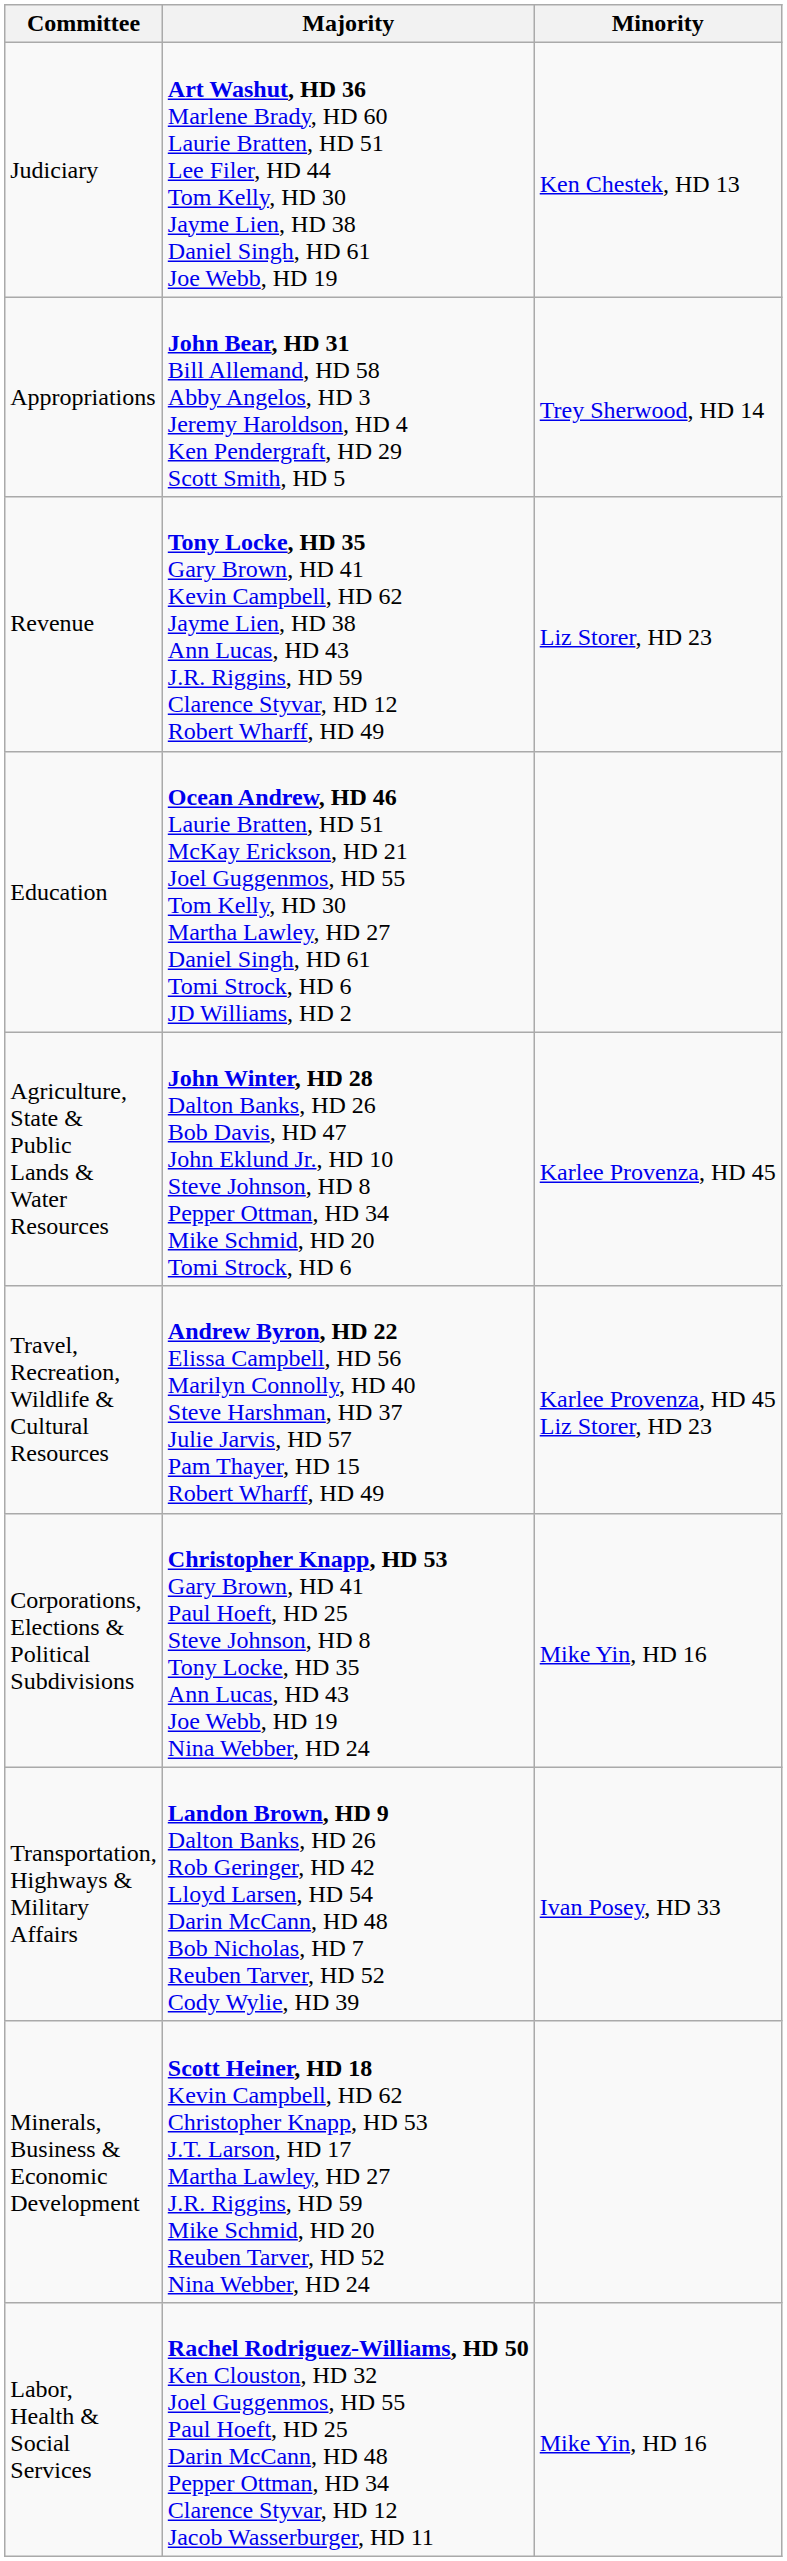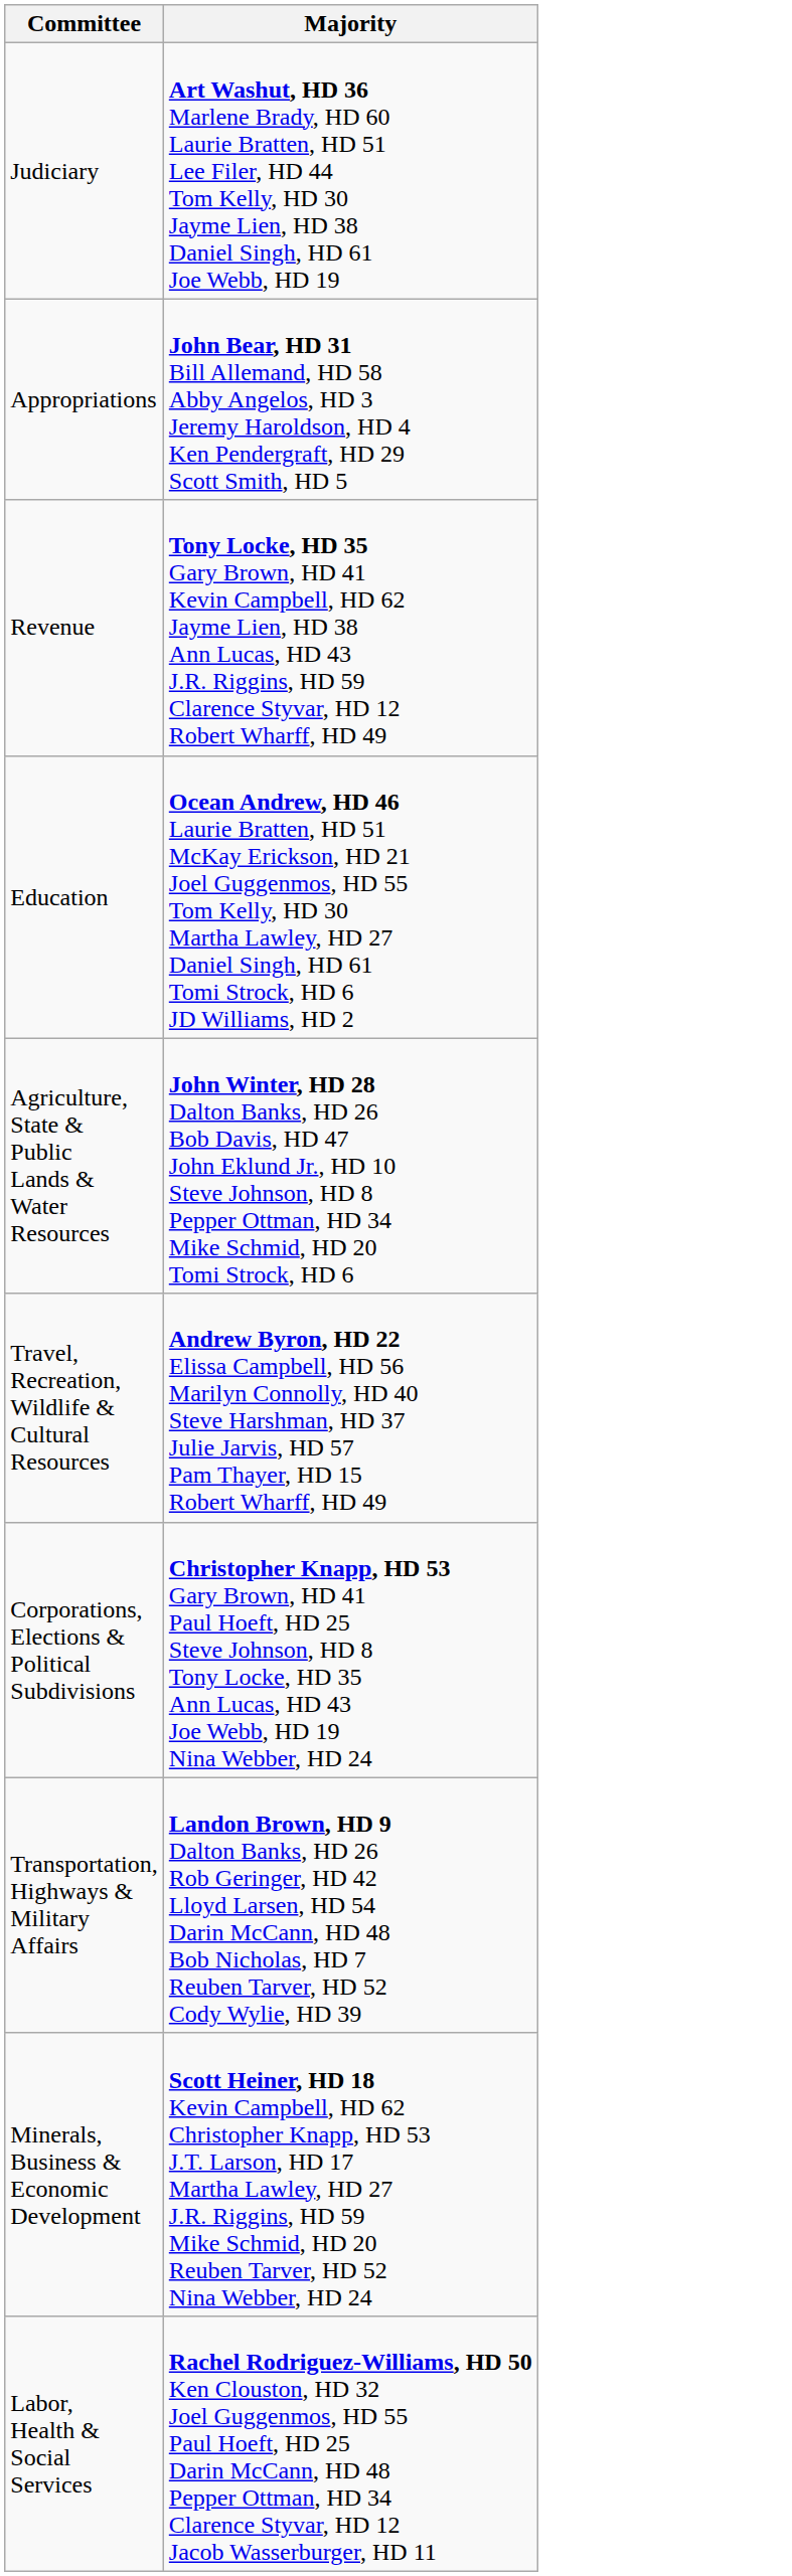 <table class="wikitable mw-collapsible mw-collapsed">
 <tr>
 <th>Committee</th>
 <th>Majority</th>
-<th>Minority</th>
 </tr>
 <tr>
 <td>Judiciary</td>
 <td><br><strong><a href='#'>Art Washut</a>, HD 36</strong><br> <a href='#'>Marlene Brady</a>, HD 60 <br> <a href='#'>Laurie Bratten</a>, HD 51<br> <a href='#'>Lee Filer</a>, HD 44<br> <a href='#'>Tom Kelly</a>, HD 30<br> <a href='#'>Jayme Lien</a>, HD 38<br> <a href='#'>Daniel Singh</a>, HD 61<br> <a href='#'>Joe Webb</a>, HD 19</td>
-<td><br><a href='#'>Ken Chestek</a>, HD 13</td>
 </tr>
 <tr>
 <td>Appropriations</td>
 <td><br><strong><a href='#'>John Bear</a>, HD 31</strong><br> <a href='#'>Bill Allemand</a>, HD 58<br> <a href='#'>Abby Angelos</a>, HD 3<br> <a href='#'>Jeremy Haroldson</a>, HD 4<br> <a href='#'>Ken Pendergraft</a>, HD 29<br> <a href='#'>Scott Smith</a>, HD 5</td>
-<td><br><a href='#'>Trey Sherwood</a>, HD 14</td>
 </tr>
 <tr>
 <td>Revenue</td>
 <td><br><strong><a href='#'>Tony Locke</a>, HD 35</strong><br> <a href='#'>Gary Brown</a>, HD 41<br> <a href='#'>Kevin Campbell</a>, HD 62<br> <a href='#'>Jayme Lien</a>, HD 38<br> <a href='#'>Ann Lucas</a>, HD 43<br> <a href='#'>J.R. Riggins</a>, HD 59<br> <a href='#'>Clarence Styvar</a>, HD 12<br> <a href='#'>Robert Wharff</a>, HD 49</td>
-<td><br><a href='#'>Liz Storer</a>, HD 23</td>
 </tr>
 <tr>
 <td>Education</td>
 <td><br><strong><a href='#'>Ocean Andrew</a>, HD 46</strong><br> <a href='#'>Laurie Bratten</a>, HD 51<br> <a href='#'>McKay Erickson</a>, HD 21<br> <a href='#'>Joel Guggenmos</a>, HD 55<br> <a href='#'>Tom Kelly</a>, HD 30<br> <a href='#'>Martha Lawley</a>, HD 27<br> <a href='#'>Daniel Singh</a>, HD 61<br> <a href='#'>Tomi Strock</a>, HD 6<br> <a href='#'>JD Williams</a>, HD 2</td>
-<td></td>
 </tr>
 <tr>
 <td>Agriculture,<br>State &<br>Public<br>Lands &<br>Water<br>Resources</td>
 <td><br><strong><a href='#'>John Winter</a>, HD 28</strong><br> <a href='#'>Dalton Banks</a>, HD 26<br> <a href='#'>Bob Davis</a>, HD 47<br> <a href='#'>John Eklund Jr.</a>, HD 10<br> <a href='#'>Steve Johnson</a>, HD 8<br> <a href='#'>Pepper Ottman</a>, HD 34<br> <a href='#'>Mike Schmid</a>, HD 20<br> <a href='#'>Tomi Strock</a>, HD 6<br></td>
-<td><br><a href='#'>Karlee Provenza</a>, HD 45</td>
 </tr>
 <tr>
 <td>Travel,<br>Recreation,<br>Wildlife &<br>Cultural<br>Resources</td>
 <td><br><strong><a href='#'>Andrew Byron</a>, HD 22</strong><br> <a href='#'>Elissa Campbell</a>, HD 56<br> <a href='#'>Marilyn Connolly</a>, HD 40<br> <a href='#'>Steve Harshman</a>, HD 37<br> <a href='#'>Julie Jarvis</a>, HD 57<br> <a href='#'>Pam Thayer</a>, HD 15<br> <a href='#'>Robert Wharff</a>, HD 49</td>
-<td><br><a href='#'>Karlee Provenza</a>, HD 45<br> <a href='#'>Liz Storer</a>, HD 23</td>
 </tr>
 <tr>
 <td>Corporations,<br>Elections &<br>Political<br>Subdivisions</td>
 <td><br><strong><a href='#'>Christopher Knapp</a>, HD 53</strong><br> <a href='#'>Gary Brown</a>, HD 41<br> <a href='#'>Paul Hoeft</a>, HD 25<br> <a href='#'>Steve Johnson</a>, HD 8<br> <a href='#'>Tony Locke</a>, HD 35<br> <a href='#'>Ann Lucas</a>, HD 43<br> <a href='#'>Joe Webb</a>, HD 19<br> <a href='#'>Nina Webber</a>, HD 24</td>
-<td><br><a href='#'>Mike Yin</a>, HD 16</td>
 </tr>
 <tr>
 <td>Transportation,<br>Highways &<br>Military<br>Affairs</td>
 <td><br><strong><a href='#'>Landon Brown</a>, HD 9</strong><br> <a href='#'>Dalton Banks</a>, HD 26<br> <a href='#'>Rob Geringer</a>, HD 42<br> <a href='#'>Lloyd Larsen</a>, HD 54<br> <a href='#'>Darin McCann</a>, HD 48<br>  <a href='#'>Bob Nicholas</a>, HD 7<br>  <a href='#'>Reuben Tarver</a>, HD 52<br> <a href='#'>Cody Wylie</a>, HD 39</td>
-<td><br><a href='#'>Ivan Posey</a>, HD 33<br></td>
 </tr>
 <tr>
 <td>Minerals,<br>Business &<br>Economic<br>Development</td>
 <td><br><strong><a href='#'>Scott Heiner</a>, HD 18<br></strong> <a href='#'>Kevin Campbell</a>, HD 62<br> <a href='#'>Christopher Knapp</a>, HD 53<br>  <a href='#'>J.T. Larson</a>, HD 17<br> <a href='#'>Martha Lawley</a>, HD 27<br> <a href='#'>J.R. Riggins</a>, HD 59<br> <a href='#'>Mike Schmid</a>, HD 20<br> <a href='#'>Reuben Tarver</a>, HD 52<br> <a href='#'>Nina Webber</a>, HD 24</td>
-<td></td>
 </tr>
 <tr>
 <td>Labor,<br>Health &<br>Social<br>Services</td>
 <td><br><strong><a href='#'>Rachel Rodriguez-Williams</a>, HD 50</strong><br> <a href='#'>Ken Clouston</a>, HD 32<br> <a href='#'>Joel Guggenmos</a>, HD 55<br> <a href='#'>Paul Hoeft</a>, HD 25<br> <a href='#'>Darin McCann</a>, HD 48<br>  <a href='#'>Pepper Ottman</a>, HD 34<br> <a href='#'>Clarence Styvar</a>, HD 12<br> <a href='#'>Jacob Wasserburger</a>, HD 11</td>
-<td><br><a href='#'>Mike Yin</a>, HD 16</td>
 </tr>
 </table>
